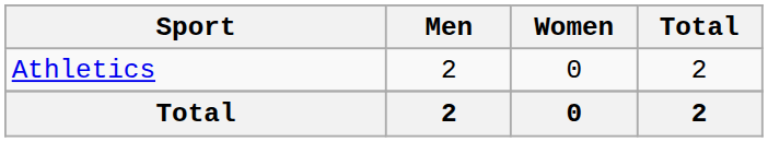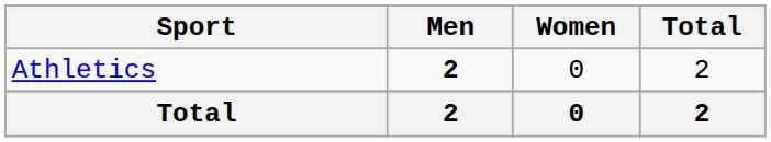 <table class="wikitable sortable" style="text-align:center;">
 <tr>
 <th width=180>Sport</th>
 <th width=55>Men</th>
 <th width=55>Women</th>
 <th width=55>Total</th>
 </tr>
 <tr>
 <td align=left><a href='#'>Athletics</a></td>
-<td>2</td>
+<td><strong>2</strong></td>
 <td>0</td>
 <td>2</td>
 </tr>
 <tr>
 </tr>
 <tr class="sortbottom">
 <th>Total</th>
 <th>2</th>
 <th>0</th>
 <th>2</th>
 </tr>
 </table>
